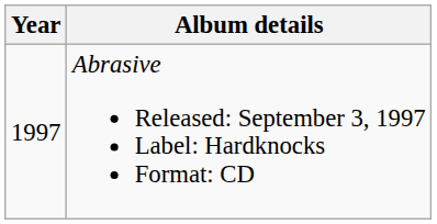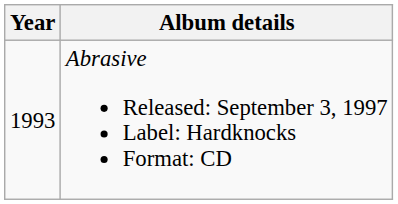 <table class="wikitable" "text-align:center;">
 <tr>
 <th>Year</th>
 <th>Album details</th>
 </tr>
 <tr>
-<td>1997</td>
+<td>1993</td>
 <td><em>Abrasive</em><br><ul><li>Released: September 3, 1997</li><li>Label: Hardknocks</li><li>Format: CD</li></ul></td>
 </tr>
 </table>
